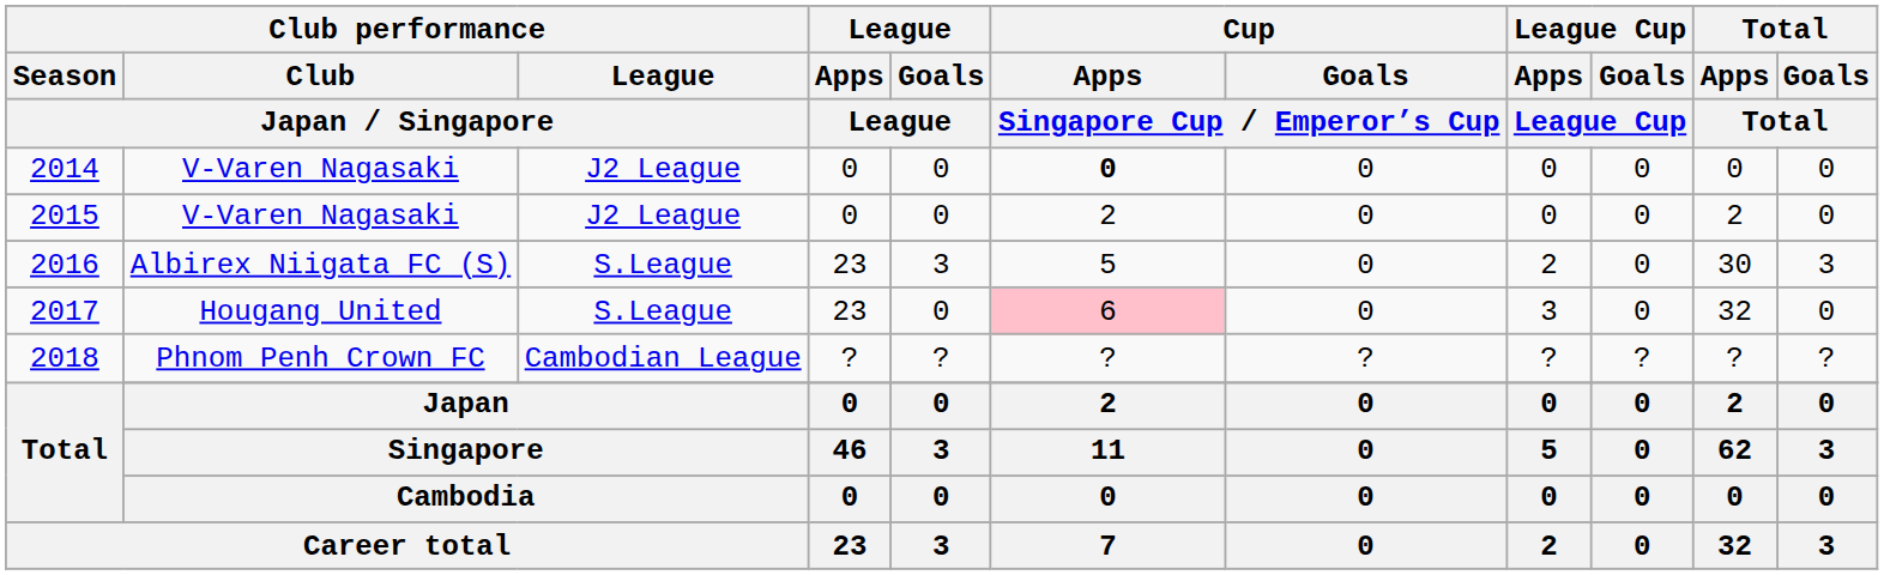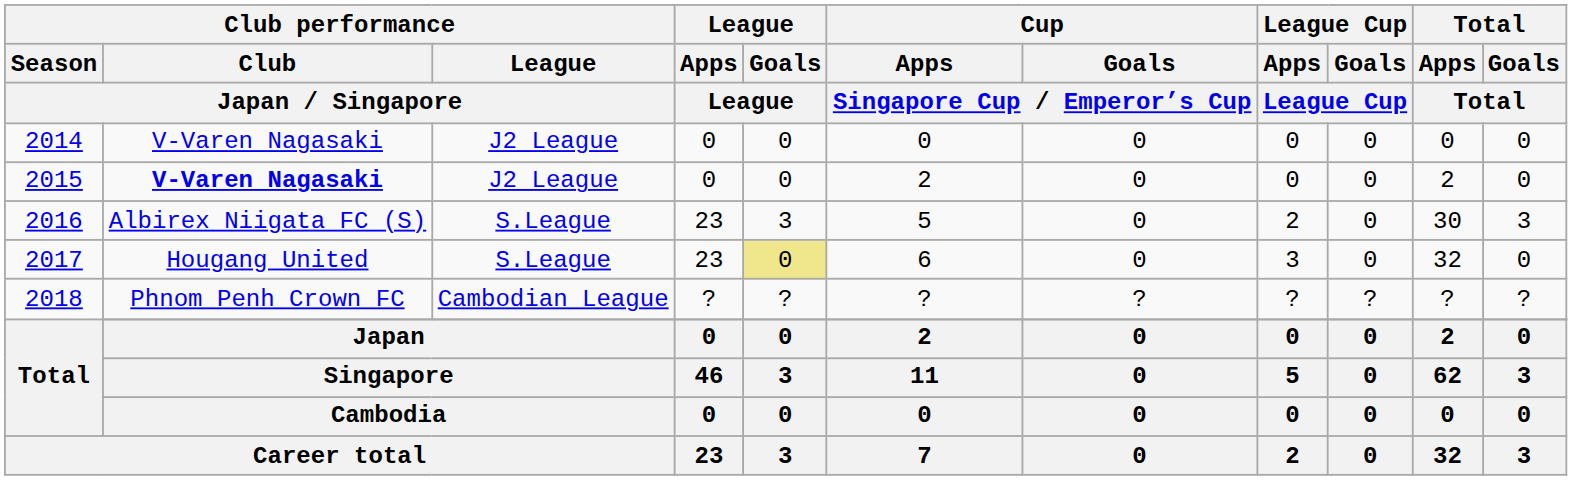 <table class="wikitable" style="text-align:center">
 <tr>
 <th colspan=3>Club performance</th>
 <th colspan=2>League</th>
 <th colspan=2>Cup</th>
 <th colspan=2>League Cup</th>
 <th colspan=2>Total</th>
 </tr>
 <tr>
 <th>Season</th>
 <th>Club</th>
 <th>League</th>
 <th>Apps</th>
 <th>Goals</th>
 <th>Apps</th>
 <th>Goals</th>
 <th>Apps</th>
 <th>Goals</th>
 <th>Apps</th>
 <th>Goals</th>
 </tr>
 <tr>
 <th colspan=3>Japan / Singapore</th>
 <th colspan=2>League</th>
 <th colspan=2><a href='#'>Singapore Cup</a> / <a href='#'>Emperor’s Cup</a></th>
 <th colspan=2><a href='#'>League Cup</a></th>
 <th colspan=2>Total</th>
 </tr>
 <tr>
 <td><a href='#'>2014</a></td>
 <td><a href='#'>V-Varen Nagasaki</a></td>
 <td><a href='#'>J2 League</a></td>
 <td>0</td>
 <td>0</td>
-<td><strong>0</strong></td>
+<td>0</td>
 <td>0</td>
 <td>0</td>
 <td>0</td>
 <td>0</td>
 <td>0</td>
 </tr>
 <tr>
 <td><a href='#'>2015</a></td>
-<td><a href='#'>V-Varen Nagasaki</a></td>
+<td><strong><a href='#'>V-Varen Nagasaki</a></strong></td>
 <td><a href='#'>J2 League</a></td>
 <td>0</td>
 <td>0</td>
 <td>2</td>
 <td>0</td>
 <td>0</td>
 <td>0</td>
 <td>2</td>
 <td>0</td>
 </tr>
 <tr>
 <td><a href='#'>2016</a></td>
 <td><a href='#'>Albirex Niigata FC (S)</a></td>
 <td><a href='#'>S.League</a></td>
 <td>23</td>
 <td>3</td>
 <td>5</td>
 <td>0</td>
 <td>2</td>
 <td>0</td>
 <td>30</td>
 <td>3</td>
 </tr>
 <tr>
 <td><a href='#'>2017</a></td>
 <td><a href='#'>Hougang United</a></td>
 <td><a href='#'>S.League</a></td>
 <td>23</td>
-<td>0</td>
-<td style="background: pink;">6</td>
+<td style="background: khaki;">0</td>
+<td>6</td>
 <td>0</td>
 <td>3</td>
 <td>0</td>
 <td>32</td>
 <td>0</td>
 </tr>
 <tr>
 <td><a href='#'>2018</a></td>
 <td><a href='#'>Phnom Penh Crown FC</a></td>
 <td><a href='#'>Cambodian League</a></td>
 <td>?</td>
 <td>?</td>
 <td>?</td>
 <td>?</td>
 <td>?</td>
 <td>?</td>
 <td>?</td>
 <td>?</td>
 </tr>
 <tr>
 <th rowspan=4>Total</th>
 </tr>
 <tr>
 <th colspan=2>Japan</th>
 <th>0</th>
 <th>0</th>
 <th>2</th>
 <th>0</th>
 <th>0</th>
 <th>0</th>
 <th>2</th>
 <th>0</th>
 </tr>
 <tr>
 <th colspan=2>Singapore</th>
 <th>46</th>
 <th>3</th>
 <th>11</th>
 <th>0</th>
 <th>5</th>
 <th>0</th>
 <th>62</th>
 <th>3</th>
 </tr>
 <tr>
 <th colspan=2>Cambodia</th>
 <th>0</th>
 <th>0</th>
 <th>0</th>
 <th>0</th>
 <th>0</th>
 <th>0</th>
 <th>0</th>
 <th>0</th>
 </tr>
 <tr>
 <th colspan=3>Career total</th>
 <th>23</th>
 <th>3</th>
 <th>7</th>
 <th>0</th>
 <th>2</th>
 <th>0</th>
 <th>32</th>
 <th>3</th>
 </tr>
 </table>
